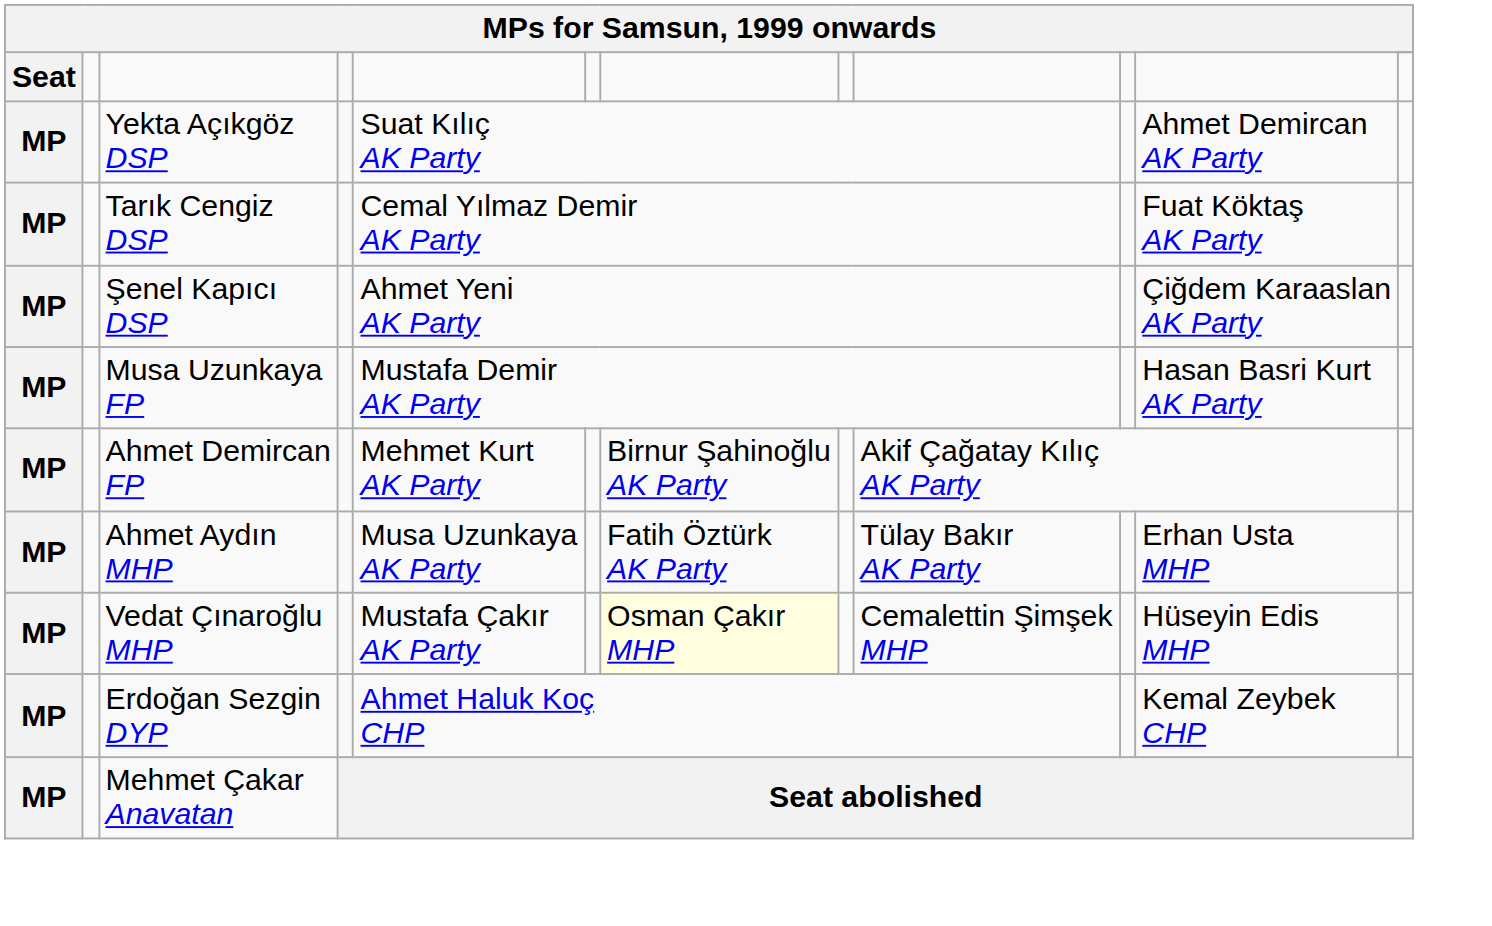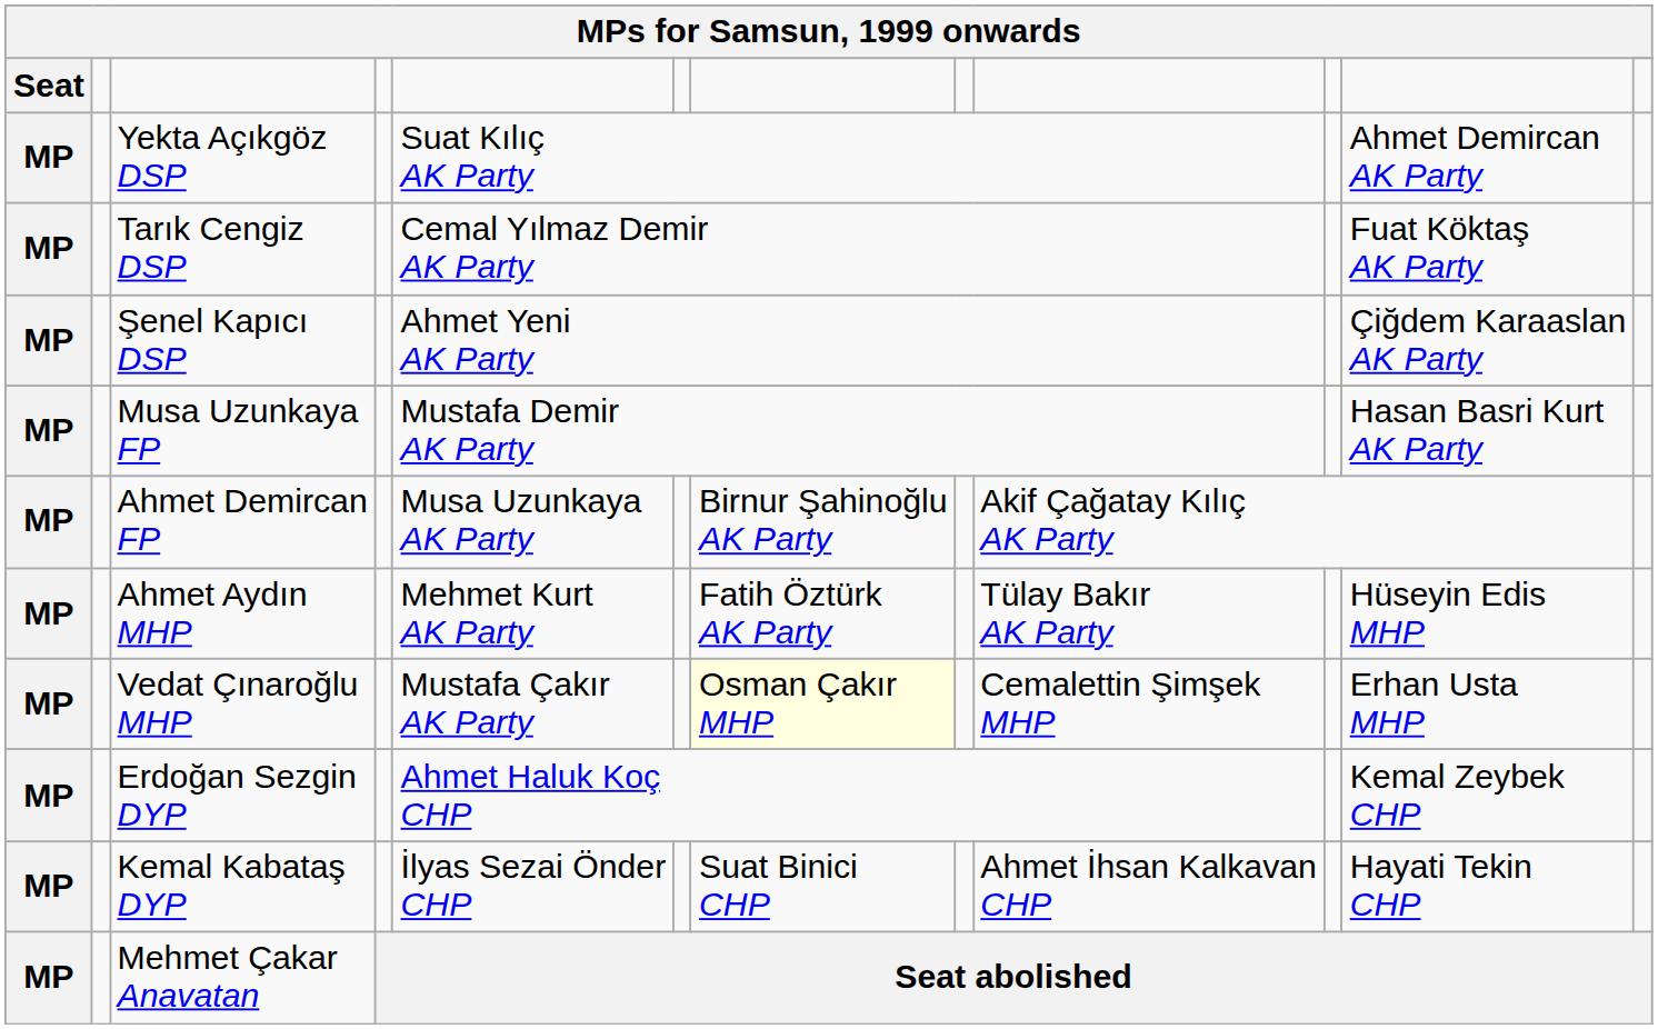 <table class="wikitable">
 <tr>
 <th colspan = 12>MPs for Samsun, 1999 onwards</th>
 </tr>
 <tr>
 <th rowspan = 2>Seat</th>
 <td rowspan="2" style="width:1px;"></td>
 <td rowspan = 2></td>
 <td rowspan="2" style="width:1px;"></td>
 <td rowspan = 2></td>
 <td rowspan="2" style="width:1px;"></td>
 <td rowspan = 2></td>
 <td rowspan="2" style="width:1px;"></td>
 <td rowspan = 2></td>
 <td rowspan="2" style="width:1px;"></td>
 <td rowspan = 2></td>
 </tr>
 <tr>
 <td></td>
 </tr>
 <tr>
 <th>MP</th>
 <td width=1px style="background-color: "></td>
 <td colspan = 1>Yekta Açıkgöz<br><em><a href='#'>DSP</a></em></td>
 <td width=1px style="background-color: "></td>
 <td colspan = 5>Suat Kılıç<br><em><a href='#'>AK Party</a></em></td>
 <td width=1px style="background-color: "></td>
 <td colspan = 1>Ahmet Demircan<br><em><a href='#'>AK Party</a></em></td>
 <td width=1px style="background-color: "></td>
 </tr>
 <tr>
 <th>MP</th>
 <td width=1px style="background-color: "></td>
 <td colspan = 1>Tarık Cengiz<br><em><a href='#'>DSP</a></em></td>
 <td width=1px style="background-color: "></td>
 <td colspan = 5>Cemal Yılmaz Demir<br><em><a href='#'>AK Party</a></em></td>
 <td width=1px style="background-color: "></td>
 <td colspan = 1>Fuat Köktaş<br><em><a href='#'>AK Party</a></em></td>
 <td width=1px style="background-color: "></td>
 </tr>
 <tr>
 <th>MP</th>
 <td width=1px style="background-color: "></td>
 <td colspan = 1>Şenel Kapıcı<br><em><a href='#'>DSP</a></em></td>
 <td width=1px style="background-color: "></td>
 <td colspan = 5>Ahmet Yeni<br><em><a href='#'>AK Party</a></em></td>
 <td width=1px style="background-color: "></td>
 <td colspan = 1>Çiğdem Karaaslan<br><em><a href='#'>AK Party</a></em></td>
 <td width=1px style="background-color: "></td>
 </tr>
 <tr>
 <th>MP</th>
 <td width=1px style="background-color: "></td>
 <td colspan = 1>Musa Uzunkaya<br><em><a href='#'>FP</a></em></td>
 <td width=1px style="background-color: "></td>
 <td colspan = 5>Mustafa Demir<br><em><a href='#'>AK Party</a></em></td>
 <td width=1px style="background-color: "></td>
 <td colspan = 1>Hasan Basri Kurt<br><em><a href='#'>AK Party</a></em></td>
 <td width=1px style="background-color: "></td>
 </tr>
 <tr>
 <th>MP</th>
 <td width=1px style="background-color: "></td>
 <td colspan = 1>Ahmet Demircan<br><em><a href='#'>FP</a></em></td>
 <td width=1px style="background-color: "></td>
-<td colspan = 1>Mehmet Kurt<br><em><a href='#'>AK Party</a></em></td>
+<td colspan = 1>Musa Uzunkaya<br><em><a href='#'>AK Party</a></em></td>
 <td width=1px style="background-color: "></td>
 <td colspan = 1>Birnur Şahinoğlu<br><em><a href='#'>AK Party</a></em></td>
 <td width=1px style="background-color: "></td>
 <td colspan = 3>Akif Çağatay Kılıç<br><em><a href='#'>AK Party</a></em></td>
 <td width=1px style="background-color: "></td>
 </tr>
 <tr>
 <th>MP</th>
 <td width=1px style="background-color: "></td>
 <td colspan = 1>Ahmet Aydın<br><em><a href='#'>MHP</a></em></td>
 <td width=1px style="background-color: "></td>
-<td colspan = 1>Musa Uzunkaya<br><em><a href='#'>AK Party</a></em></td>
+<td colspan = 1>Mehmet Kurt<br><em><a href='#'>AK Party</a></em></td>
 <td width=1px style="background-color: "></td>
 <td colspan = 1>Fatih Öztürk<br><em><a href='#'>AK Party</a></em></td>
 <td width=1px style="background-color: "></td>
 <td colspan = 1>Tülay Bakır<br><em><a href='#'>AK Party</a></em></td>
 <td width=1px style="background-color: "></td>
-<td colspan = 1>Erhan Usta<br><em><a href='#'>MHP</a></em></td>
+<td colspan = 1>Hüseyin Edis<br><em><a href='#'>MHP</a></em></td>
 <td width=1px style="background-color: "></td>
 </tr>
 <tr>
 <th>MP</th>
 <td width=1px style="background-color: "></td>
 <td colspan = 1>Vedat Çınaroğlu<br><em><a href='#'>MHP</a></em></td>
 <td width=1px style="background-color: "></td>
 <td colspan = 1>Mustafa Çakır<br><em><a href='#'>AK Party</a></em></td>
 <td width=1px style="background-color: "></td>
 <td colspan = 1 style="background: lightyellow;">Osman Çakır<br><em><a href='#'>MHP</a></em></td>
 <td width=1px style="background-color: "></td>
 <td colspan = 1>Cemalettin Şimşek<br><em><a href='#'>MHP</a></em></td>
 <td width=1px style="background-color: "></td>
-<td colspan = 1>Hüseyin Edis<br><em><a href='#'>MHP</a></em></td>
+<td colspan = 1>Erhan Usta<br><em><a href='#'>MHP</a></em></td>
 <td width=1px style="background-color: "></td>
 </tr>
 <tr>
 <th>MP</th>
 <td width=1px style="background-color: "></td>
 <td colspan = 1>Erdoğan Sezgin<br><em><a href='#'>DYP</a></em></td>
 <td width=1px style="background-color: "></td>
 <td colspan = 5><a href='#'>Ahmet Haluk Koç</a><br><em><a href='#'>CHP</a></em></td>
 <td width=1px style="background-color: "></td>
 <td colspan = 1>Kemal Zeybek<br><em><a href='#'>CHP</a></em></td>
 <td width=1px style="background-color: "></td>
 </tr>
 <tr>
 <th>MP</th>
 <td width=1px style="background-color: "></td>
+<td colspan = 1>Kemal Kabataş<br><em><a href='#'>DYP</a></em></td>
+<td width=1px style="background-color: "></td>
+<td colspan = 1>İlyas Sezai Önder<br><em><a href='#'>CHP</a></em></td>
+<td width=1px style="background-color: "></td>
+<td colspan = 1>Suat Binici<br><em><a href='#'>CHP</a></em></td>
+<td width=1px style="background-color: "></td>
+<td colspan = 1>Ahmet İhsan Kalkavan <br><em><a href='#'>CHP</a></em></td>
+<td width=1px style="background-color: "></td>
+<td colspan = 1>Hayati Tekin<br><em><a href='#'>CHP</a></em></td>
+<td width=1px style="background-color: "></td>
+</tr>
+<tr>
+<th>MP</th>
+<td width=1px style="background-color: "></td>
 <td colspan = 1>Mehmet Çakar<br><em><a href='#'>Anavatan</a></em></td>
 <th colspan = 9>Seat abolished</th>
 </tr>
 </table>
